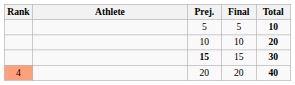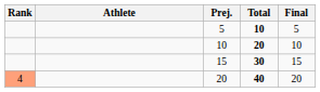 <table class=wikitable style="text-align:center">
 <tr>
 <th width=40>Rank</th>
 <th width=250>Athlete</th>
 <th width=50>Prej.</th>
+<th width=50>Total</th>
 <th width=50>Final</th>
-<th width=50>Total</th>
 </tr>
 <tr>
 <td></td>
 <td align=left></td>
 <td>5</td>
+<td><strong>10</strong></td>
 <td>5</td>
-<td><strong>10</strong></td>
 </tr>
 <tr>
 <td></td>
 <td align=left></td>
 <td>10</td>
+<td><strong>20</strong></td>
 <td>10</td>
-<td><strong>20</strong></td>
 </tr>
 <tr>
 <td></td>
 <td align=left></td>
-<td><strong>15</strong></td>
 <td>15</td>
 <td><strong>30</strong></td>
+<td>15</td>
 </tr>
 <tr>
 <td style="background: lightsalmon;">4</td>
 <td align=left></td>
 <td>20</td>
+<td><strong>40</strong></td>
 <td>20</td>
-<td><strong>40</strong></td>
 </tr>
 </table>
